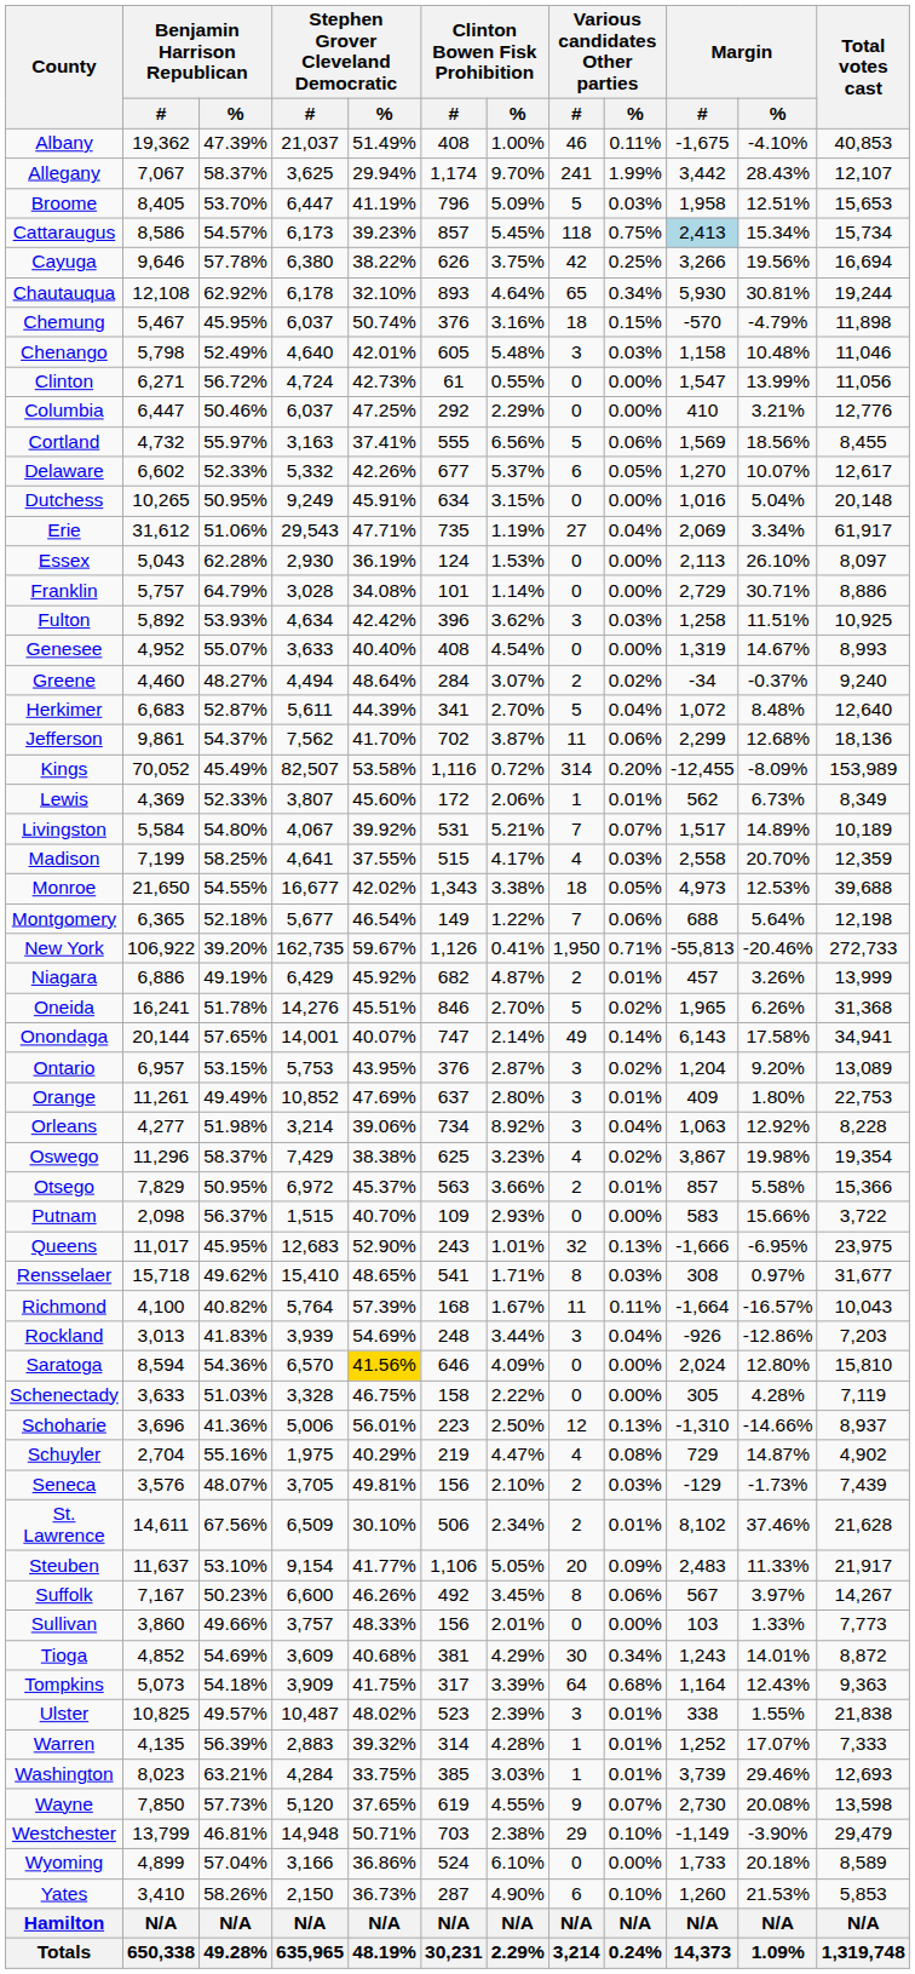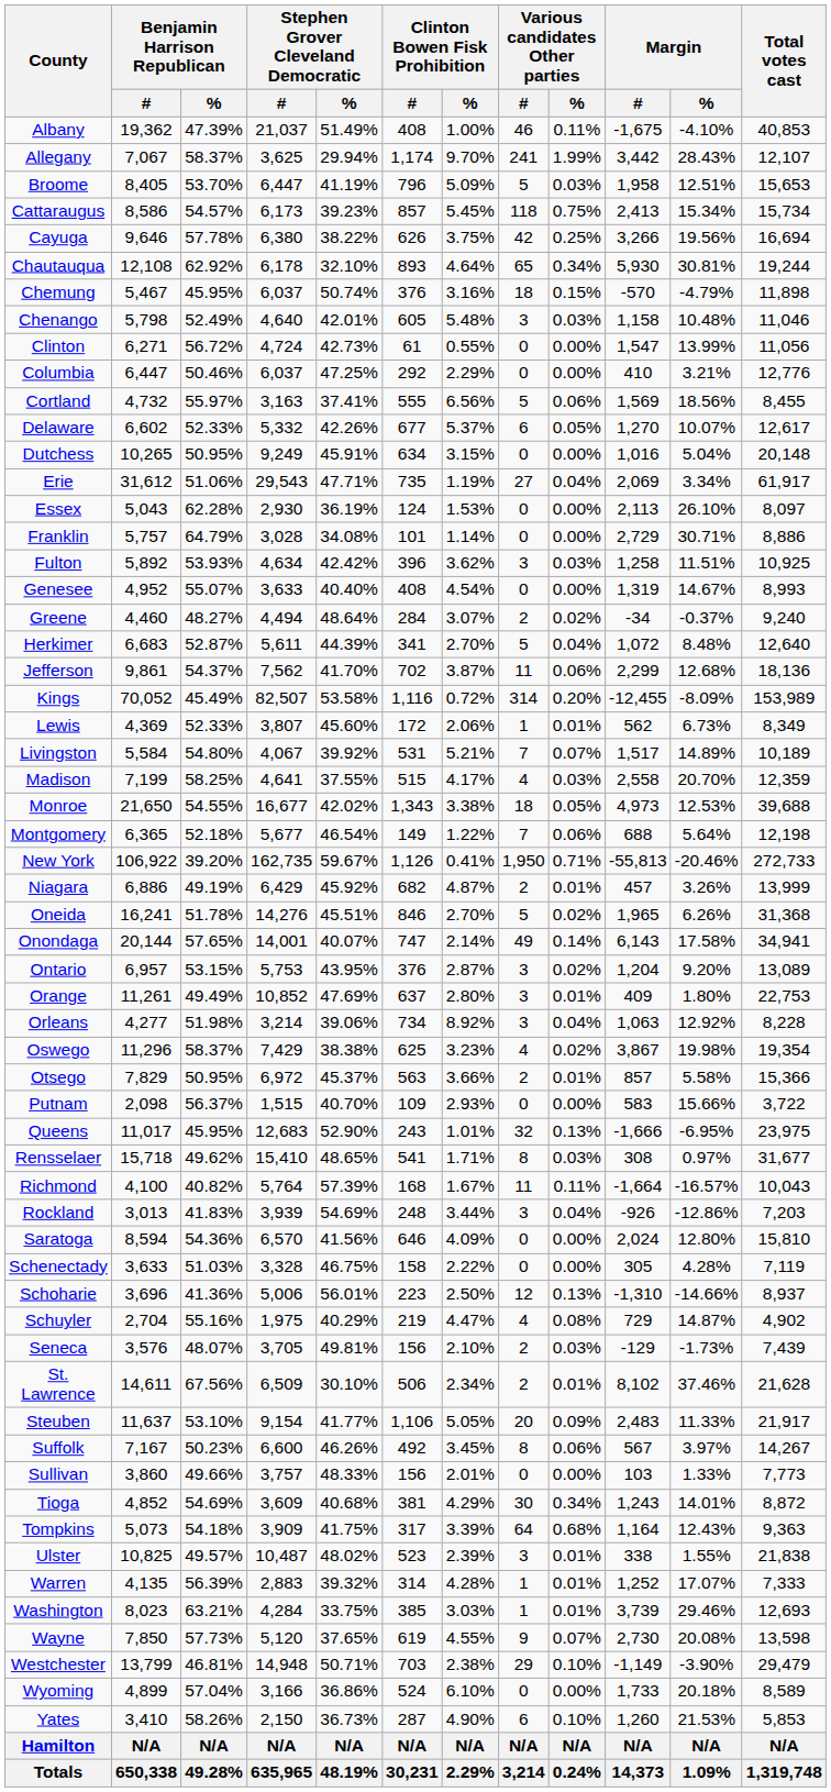 <table class="wikitable sortable">
 <tr>
 <th rowspan="2">County</th>
 <th colspan="2">Benjamin Harrison<br>Republican</th>
 <th colspan="2">Stephen Grover Cleveland<br>Democratic</th>
 <th colspan="2">Clinton Bowen Fisk <br>Prohibition</th>
 <th colspan="2">Various candidates<br>Other parties</th>
 <th colspan="2">Margin</th>
 <th rowspan="2" data-sort-type="number">Total votes cast</th>
 </tr>
 <tr bgcolor="lightgrey">
 <th data-sort-type="number">#</th>
 <th data-sort-type="number">%</th>
 <th data-sort-type="number">#</th>
 <th data-sort-type="number">%</th>
 <th data-sort-type="number">#</th>
 <th data-sort-type="number">%</th>
 <th data-sort-type="number">#</th>
 <th data-sort-type="number">%</th>
 <th data-sort-type="number">#</th>
 <th data-sort-type="number">%</th>
 </tr>
 <tr style="text-align:center;">
 <td><a href='#'>Albany</a></td>
 <td>19,362</td>
 <td>47.39%</td>
 <td>21,037</td>
 <td>51.49%</td>
 <td>408</td>
 <td>1.00%</td>
 <td>46</td>
 <td>0.11%</td>
 <td>-1,675</td>
 <td>-4.10%</td>
 <td>40,853</td>
 </tr>
 <tr style="text-align:center;">
 <td><a href='#'>Allegany</a></td>
 <td>7,067</td>
 <td>58.37%</td>
 <td>3,625</td>
 <td>29.94%</td>
 <td>1,174</td>
 <td>9.70%</td>
 <td>241</td>
 <td>1.99%</td>
 <td>3,442</td>
 <td>28.43%</td>
 <td>12,107</td>
 </tr>
 <tr style="text-align:center;">
 <td><a href='#'>Broome</a></td>
 <td>8,405</td>
 <td>53.70%</td>
 <td>6,447</td>
 <td>41.19%</td>
 <td>796</td>
 <td>5.09%</td>
 <td>5</td>
 <td>0.03%</td>
 <td>1,958</td>
 <td>12.51%</td>
 <td>15,653</td>
 </tr>
 <tr style="text-align:center;">
 <td><a href='#'>Cattaraugus</a></td>
 <td>8,586</td>
 <td>54.57%</td>
 <td>6,173</td>
 <td>39.23%</td>
 <td>857</td>
 <td>5.45%</td>
 <td>118</td>
 <td>0.75%</td>
-<td style="background: lightblue;">2,413</td>
+<td>2,413</td>
 <td>15.34%</td>
 <td>15,734</td>
 </tr>
 <tr style="text-align:center;">
 <td><a href='#'>Cayuga</a></td>
 <td>9,646</td>
 <td>57.78%</td>
 <td>6,380</td>
 <td>38.22%</td>
 <td>626</td>
 <td>3.75%</td>
 <td>42</td>
 <td>0.25%</td>
 <td>3,266</td>
 <td>19.56%</td>
 <td>16,694</td>
 </tr>
 <tr style="text-align:center;">
 <td><a href='#'>Chautauqua</a></td>
 <td>12,108</td>
 <td>62.92%</td>
 <td>6,178</td>
 <td>32.10%</td>
 <td>893</td>
 <td>4.64%</td>
 <td>65</td>
 <td>0.34%</td>
 <td>5,930</td>
 <td>30.81%</td>
 <td>19,244</td>
 </tr>
 <tr style="text-align:center;">
 <td><a href='#'>Chemung</a></td>
 <td>5,467</td>
 <td>45.95%</td>
 <td>6,037</td>
 <td>50.74%</td>
 <td>376</td>
 <td>3.16%</td>
 <td>18</td>
 <td>0.15%</td>
 <td>-570</td>
 <td>-4.79%</td>
 <td>11,898</td>
 </tr>
 <tr style="text-align:center;">
 <td><a href='#'>Chenango</a></td>
 <td>5,798</td>
 <td>52.49%</td>
 <td>4,640</td>
 <td>42.01%</td>
 <td>605</td>
 <td>5.48%</td>
 <td>3</td>
 <td>0.03%</td>
 <td>1,158</td>
 <td>10.48%</td>
 <td>11,046</td>
 </tr>
 <tr style="text-align:center;">
 <td><a href='#'>Clinton</a></td>
 <td>6,271</td>
 <td>56.72%</td>
 <td>4,724</td>
 <td>42.73%</td>
 <td>61</td>
 <td>0.55%</td>
 <td>0</td>
 <td>0.00%</td>
 <td>1,547</td>
 <td>13.99%</td>
 <td>11,056</td>
 </tr>
 <tr style="text-align:center;">
 <td><a href='#'>Columbia</a></td>
 <td>6,447</td>
 <td>50.46%</td>
 <td>6,037</td>
 <td>47.25%</td>
 <td>292</td>
 <td>2.29%</td>
 <td>0</td>
 <td>0.00%</td>
 <td>410</td>
 <td>3.21%</td>
 <td>12,776</td>
 </tr>
 <tr style="text-align:center;">
 <td><a href='#'>Cortland</a></td>
 <td>4,732</td>
 <td>55.97%</td>
 <td>3,163</td>
 <td>37.41%</td>
 <td>555</td>
 <td>6.56%</td>
 <td>5</td>
 <td>0.06%</td>
 <td>1,569</td>
 <td>18.56%</td>
 <td>8,455</td>
 </tr>
 <tr style="text-align:center;">
 <td><a href='#'>Delaware</a></td>
 <td>6,602</td>
 <td>52.33%</td>
 <td>5,332</td>
 <td>42.26%</td>
 <td>677</td>
 <td>5.37%</td>
 <td>6</td>
 <td>0.05%</td>
 <td>1,270</td>
 <td>10.07%</td>
 <td>12,617</td>
 </tr>
 <tr style="text-align:center;">
 <td><a href='#'>Dutchess</a></td>
 <td>10,265</td>
 <td>50.95%</td>
 <td>9,249</td>
 <td>45.91%</td>
 <td>634</td>
 <td>3.15%</td>
 <td>0</td>
 <td>0.00%</td>
 <td>1,016</td>
 <td>5.04%</td>
 <td>20,148</td>
 </tr>
 <tr style="text-align:center;">
 <td><a href='#'>Erie</a></td>
 <td>31,612</td>
 <td>51.06%</td>
 <td>29,543</td>
 <td>47.71%</td>
 <td>735</td>
 <td>1.19%</td>
 <td>27</td>
 <td>0.04%</td>
 <td>2,069</td>
 <td>3.34%</td>
 <td>61,917</td>
 </tr>
 <tr style="text-align:center;">
 <td><a href='#'>Essex</a></td>
 <td>5,043</td>
 <td>62.28%</td>
 <td>2,930</td>
 <td>36.19%</td>
 <td>124</td>
 <td>1.53%</td>
 <td>0</td>
 <td>0.00%</td>
 <td>2,113</td>
 <td>26.10%</td>
 <td>8,097</td>
 </tr>
 <tr style="text-align:center;">
 <td><a href='#'>Franklin</a></td>
 <td>5,757</td>
 <td>64.79%</td>
 <td>3,028</td>
 <td>34.08%</td>
 <td>101</td>
 <td>1.14%</td>
 <td>0</td>
 <td>0.00%</td>
 <td>2,729</td>
 <td>30.71%</td>
 <td>8,886</td>
 </tr>
 <tr style="text-align:center;">
 <td><a href='#'>Fulton</a></td>
 <td>5,892</td>
 <td>53.93%</td>
 <td>4,634</td>
 <td>42.42%</td>
 <td>396</td>
 <td>3.62%</td>
 <td>3</td>
 <td>0.03%</td>
 <td>1,258</td>
 <td>11.51%</td>
 <td>10,925</td>
 </tr>
 <tr style="text-align:center;">
 <td><a href='#'>Genesee</a></td>
 <td>4,952</td>
 <td>55.07%</td>
 <td>3,633</td>
 <td>40.40%</td>
 <td>408</td>
 <td>4.54%</td>
 <td>0</td>
 <td>0.00%</td>
 <td>1,319</td>
 <td>14.67%</td>
 <td>8,993</td>
 </tr>
 <tr style="text-align:center;">
 <td><a href='#'>Greene</a></td>
 <td>4,460</td>
 <td>48.27%</td>
 <td>4,494</td>
 <td>48.64%</td>
 <td>284</td>
 <td>3.07%</td>
 <td>2</td>
 <td>0.02%</td>
 <td>-34</td>
 <td>-0.37%</td>
 <td>9,240</td>
 </tr>
 <tr style="text-align:center;">
 <td><a href='#'>Herkimer</a></td>
 <td>6,683</td>
 <td>52.87%</td>
 <td>5,611</td>
 <td>44.39%</td>
 <td>341</td>
 <td>2.70%</td>
 <td>5</td>
 <td>0.04%</td>
 <td>1,072</td>
 <td>8.48%</td>
 <td>12,640</td>
 </tr>
 <tr style="text-align:center;">
 <td><a href='#'>Jefferson</a></td>
 <td>9,861</td>
 <td>54.37%</td>
 <td>7,562</td>
 <td>41.70%</td>
 <td>702</td>
 <td>3.87%</td>
 <td>11</td>
 <td>0.06%</td>
 <td>2,299</td>
 <td>12.68%</td>
 <td>18,136</td>
 </tr>
 <tr style="text-align:center;">
 <td><a href='#'>Kings</a></td>
 <td>70,052</td>
 <td>45.49%</td>
 <td>82,507</td>
 <td>53.58%</td>
 <td>1,116</td>
 <td>0.72%</td>
 <td>314</td>
 <td>0.20%</td>
 <td>-12,455</td>
 <td>-8.09%</td>
 <td>153,989</td>
 </tr>
 <tr style="text-align:center;">
 <td><a href='#'>Lewis</a></td>
 <td>4,369</td>
 <td>52.33%</td>
 <td>3,807</td>
 <td>45.60%</td>
 <td>172</td>
 <td>2.06%</td>
 <td>1</td>
 <td>0.01%</td>
 <td>562</td>
 <td>6.73%</td>
 <td>8,349</td>
 </tr>
 <tr style="text-align:center;">
 <td><a href='#'>Livingston</a></td>
 <td>5,584</td>
 <td>54.80%</td>
 <td>4,067</td>
 <td>39.92%</td>
 <td>531</td>
 <td>5.21%</td>
 <td>7</td>
 <td>0.07%</td>
 <td>1,517</td>
 <td>14.89%</td>
 <td>10,189</td>
 </tr>
 <tr style="text-align:center;">
 <td><a href='#'>Madison</a></td>
 <td>7,199</td>
 <td>58.25%</td>
 <td>4,641</td>
 <td>37.55%</td>
 <td>515</td>
 <td>4.17%</td>
 <td>4</td>
 <td>0.03%</td>
 <td>2,558</td>
 <td>20.70%</td>
 <td>12,359</td>
 </tr>
 <tr style="text-align:center;">
 <td><a href='#'>Monroe</a></td>
 <td>21,650</td>
 <td>54.55%</td>
 <td>16,677</td>
 <td>42.02%</td>
 <td>1,343</td>
 <td>3.38%</td>
 <td>18</td>
 <td>0.05%</td>
 <td>4,973</td>
 <td>12.53%</td>
 <td>39,688</td>
 </tr>
 <tr style="text-align:center;">
 <td><a href='#'>Montgomery</a></td>
 <td>6,365</td>
 <td>52.18%</td>
 <td>5,677</td>
 <td>46.54%</td>
 <td>149</td>
 <td>1.22%</td>
 <td>7</td>
 <td>0.06%</td>
 <td>688</td>
 <td>5.64%</td>
 <td>12,198</td>
 </tr>
 <tr style="text-align:center;">
 <td><a href='#'>New York</a></td>
 <td>106,922</td>
 <td>39.20%</td>
 <td>162,735</td>
 <td>59.67%</td>
 <td>1,126</td>
 <td>0.41%</td>
 <td>1,950</td>
 <td>0.71%</td>
 <td>-55,813</td>
 <td>-20.46%</td>
 <td>272,733</td>
 </tr>
 <tr style="text-align:center;">
 <td><a href='#'>Niagara</a></td>
 <td>6,886</td>
 <td>49.19%</td>
 <td>6,429</td>
 <td>45.92%</td>
 <td>682</td>
 <td>4.87%</td>
 <td>2</td>
 <td>0.01%</td>
 <td>457</td>
 <td>3.26%</td>
 <td>13,999</td>
 </tr>
 <tr style="text-align:center;">
 <td><a href='#'>Oneida</a></td>
 <td>16,241</td>
 <td>51.78%</td>
 <td>14,276</td>
 <td>45.51%</td>
 <td>846</td>
 <td>2.70%</td>
 <td>5</td>
 <td>0.02%</td>
 <td>1,965</td>
 <td>6.26%</td>
 <td>31,368</td>
 </tr>
 <tr style="text-align:center;">
 <td><a href='#'>Onondaga</a></td>
 <td>20,144</td>
 <td>57.65%</td>
 <td>14,001</td>
 <td>40.07%</td>
 <td>747</td>
 <td>2.14%</td>
 <td>49</td>
 <td>0.14%</td>
 <td>6,143</td>
 <td>17.58%</td>
 <td>34,941</td>
 </tr>
 <tr style="text-align:center;">
 <td><a href='#'>Ontario</a></td>
 <td>6,957</td>
 <td>53.15%</td>
 <td>5,753</td>
 <td>43.95%</td>
 <td>376</td>
 <td>2.87%</td>
 <td>3</td>
 <td>0.02%</td>
 <td>1,204</td>
 <td>9.20%</td>
 <td>13,089</td>
 </tr>
 <tr style="text-align:center;">
 <td><a href='#'>Orange</a></td>
 <td>11,261</td>
 <td>49.49%</td>
 <td>10,852</td>
 <td>47.69%</td>
 <td>637</td>
 <td>2.80%</td>
 <td>3</td>
 <td>0.01%</td>
 <td>409</td>
 <td>1.80%</td>
 <td>22,753</td>
 </tr>
 <tr style="text-align:center;">
 <td><a href='#'>Orleans</a></td>
 <td>4,277</td>
 <td>51.98%</td>
 <td>3,214</td>
 <td>39.06%</td>
 <td>734</td>
 <td>8.92%</td>
 <td>3</td>
 <td>0.04%</td>
 <td>1,063</td>
 <td>12.92%</td>
 <td>8,228</td>
 </tr>
 <tr style="text-align:center;">
 <td><a href='#'>Oswego</a></td>
 <td>11,296</td>
 <td>58.37%</td>
 <td>7,429</td>
 <td>38.38%</td>
 <td>625</td>
 <td>3.23%</td>
 <td>4</td>
 <td>0.02%</td>
 <td>3,867</td>
 <td>19.98%</td>
 <td>19,354</td>
 </tr>
 <tr style="text-align:center;">
 <td><a href='#'>Otsego</a></td>
 <td>7,829</td>
 <td>50.95%</td>
 <td>6,972</td>
 <td>45.37%</td>
 <td>563</td>
 <td>3.66%</td>
 <td>2</td>
 <td>0.01%</td>
 <td>857</td>
 <td>5.58%</td>
 <td>15,366</td>
 </tr>
 <tr style="text-align:center;">
 <td><a href='#'>Putnam</a></td>
 <td>2,098</td>
 <td>56.37%</td>
 <td>1,515</td>
 <td>40.70%</td>
 <td>109</td>
 <td>2.93%</td>
 <td>0</td>
 <td>0.00%</td>
 <td>583</td>
 <td>15.66%</td>
 <td>3,722</td>
 </tr>
 <tr style="text-align:center;">
 <td><a href='#'>Queens</a></td>
 <td>11,017</td>
 <td>45.95%</td>
 <td>12,683</td>
 <td>52.90%</td>
 <td>243</td>
 <td>1.01%</td>
 <td>32</td>
 <td>0.13%</td>
 <td>-1,666</td>
 <td>-6.95%</td>
 <td>23,975</td>
 </tr>
 <tr style="text-align:center;">
 <td><a href='#'>Rensselaer</a></td>
 <td>15,718</td>
 <td>49.62%</td>
 <td>15,410</td>
 <td>48.65%</td>
 <td>541</td>
 <td>1.71%</td>
 <td>8</td>
 <td>0.03%</td>
 <td>308</td>
 <td>0.97%</td>
 <td>31,677</td>
 </tr>
 <tr style="text-align:center;">
 <td><a href='#'>Richmond</a></td>
 <td>4,100</td>
 <td>40.82%</td>
 <td>5,764</td>
 <td>57.39%</td>
 <td>168</td>
 <td>1.67%</td>
 <td>11</td>
 <td>0.11%</td>
 <td>-1,664</td>
 <td>-16.57%</td>
 <td>10,043</td>
 </tr>
 <tr style="text-align:center;">
 <td><a href='#'>Rockland</a></td>
 <td>3,013</td>
 <td>41.83%</td>
 <td>3,939</td>
 <td>54.69%</td>
 <td>248</td>
 <td>3.44%</td>
 <td>3</td>
 <td>0.04%</td>
 <td>-926</td>
 <td>-12.86%</td>
 <td>7,203</td>
 </tr>
 <tr style="text-align:center;">
 <td><a href='#'>Saratoga</a></td>
 <td>8,594</td>
 <td>54.36%</td>
 <td>6,570</td>
-<td style="background: gold;">41.56%</td>
+<td>41.56%</td>
 <td>646</td>
 <td>4.09%</td>
 <td>0</td>
 <td>0.00%</td>
 <td>2,024</td>
 <td>12.80%</td>
 <td>15,810</td>
 </tr>
 <tr style="text-align:center;">
 <td><a href='#'>Schenectady</a></td>
 <td>3,633</td>
 <td>51.03%</td>
 <td>3,328</td>
 <td>46.75%</td>
 <td>158</td>
 <td>2.22%</td>
 <td>0</td>
 <td>0.00%</td>
 <td>305</td>
 <td>4.28%</td>
 <td>7,119</td>
 </tr>
 <tr style="text-align:center;">
 <td><a href='#'>Schoharie</a></td>
 <td>3,696</td>
 <td>41.36%</td>
 <td>5,006</td>
 <td>56.01%</td>
 <td>223</td>
 <td>2.50%</td>
 <td>12</td>
 <td>0.13%</td>
 <td>-1,310</td>
 <td>-14.66%</td>
 <td>8,937</td>
 </tr>
 <tr style="text-align:center;">
 <td><a href='#'>Schuyler</a></td>
 <td>2,704</td>
 <td>55.16%</td>
 <td>1,975</td>
 <td>40.29%</td>
 <td>219</td>
 <td>4.47%</td>
 <td>4</td>
 <td>0.08%</td>
 <td>729</td>
 <td>14.87%</td>
 <td>4,902</td>
 </tr>
 <tr style="text-align:center;">
 <td><a href='#'>Seneca</a></td>
 <td>3,576</td>
 <td>48.07%</td>
 <td>3,705</td>
 <td>49.81%</td>
 <td>156</td>
 <td>2.10%</td>
 <td>2</td>
 <td>0.03%</td>
 <td>-129</td>
 <td>-1.73%</td>
 <td>7,439</td>
 </tr>
 <tr style="text-align:center;">
 <td><a href='#'>St. Lawrence</a></td>
 <td>14,611</td>
 <td>67.56%</td>
 <td>6,509</td>
 <td>30.10%</td>
 <td>506</td>
 <td>2.34%</td>
 <td>2</td>
 <td>0.01%</td>
 <td>8,102</td>
 <td>37.46%</td>
 <td>21,628</td>
 </tr>
 <tr style="text-align:center;">
 <td><a href='#'>Steuben</a></td>
 <td>11,637</td>
 <td>53.10%</td>
 <td>9,154</td>
 <td>41.77%</td>
 <td>1,106</td>
 <td>5.05%</td>
 <td>20</td>
 <td>0.09%</td>
 <td>2,483</td>
 <td>11.33%</td>
 <td>21,917</td>
 </tr>
 <tr style="text-align:center;">
 <td><a href='#'>Suffolk</a></td>
 <td>7,167</td>
 <td>50.23%</td>
 <td>6,600</td>
 <td>46.26%</td>
 <td>492</td>
 <td>3.45%</td>
 <td>8</td>
 <td>0.06%</td>
 <td>567</td>
 <td>3.97%</td>
 <td>14,267</td>
 </tr>
 <tr style="text-align:center;">
 <td><a href='#'>Sullivan</a></td>
 <td>3,860</td>
 <td>49.66%</td>
 <td>3,757</td>
 <td>48.33%</td>
 <td>156</td>
 <td>2.01%</td>
 <td>0</td>
 <td>0.00%</td>
 <td>103</td>
 <td>1.33%</td>
 <td>7,773</td>
 </tr>
 <tr style="text-align:center;">
 <td><a href='#'>Tioga</a></td>
 <td>4,852</td>
 <td>54.69%</td>
 <td>3,609</td>
 <td>40.68%</td>
 <td>381</td>
 <td>4.29%</td>
 <td>30</td>
 <td>0.34%</td>
 <td>1,243</td>
 <td>14.01%</td>
 <td>8,872</td>
 </tr>
 <tr style="text-align:center;">
 <td><a href='#'>Tompkins</a></td>
 <td>5,073</td>
 <td>54.18%</td>
 <td>3,909</td>
 <td>41.75%</td>
 <td>317</td>
 <td>3.39%</td>
 <td>64</td>
 <td>0.68%</td>
 <td>1,164</td>
 <td>12.43%</td>
 <td>9,363</td>
 </tr>
 <tr style="text-align:center;">
 <td><a href='#'>Ulster</a></td>
 <td>10,825</td>
 <td>49.57%</td>
 <td>10,487</td>
 <td>48.02%</td>
 <td>523</td>
 <td>2.39%</td>
 <td>3</td>
 <td>0.01%</td>
 <td>338</td>
 <td>1.55%</td>
 <td>21,838</td>
 </tr>
 <tr style="text-align:center;">
 <td><a href='#'>Warren</a></td>
 <td>4,135</td>
 <td>56.39%</td>
 <td>2,883</td>
 <td>39.32%</td>
 <td>314</td>
 <td>4.28%</td>
 <td>1</td>
 <td>0.01%</td>
 <td>1,252</td>
 <td>17.07%</td>
 <td>7,333</td>
 </tr>
 <tr style="text-align:center;">
 <td><a href='#'>Washington</a></td>
 <td>8,023</td>
 <td>63.21%</td>
 <td>4,284</td>
 <td>33.75%</td>
 <td>385</td>
 <td>3.03%</td>
 <td>1</td>
 <td>0.01%</td>
 <td>3,739</td>
 <td>29.46%</td>
 <td>12,693</td>
 </tr>
 <tr style="text-align:center;">
 <td><a href='#'>Wayne</a></td>
 <td>7,850</td>
 <td>57.73%</td>
 <td>5,120</td>
 <td>37.65%</td>
 <td>619</td>
 <td>4.55%</td>
 <td>9</td>
 <td>0.07%</td>
 <td>2,730</td>
 <td>20.08%</td>
 <td>13,598</td>
 </tr>
 <tr style="text-align:center;">
 <td><a href='#'>Westchester</a></td>
 <td>13,799</td>
 <td>46.81%</td>
 <td>14,948</td>
 <td>50.71%</td>
 <td>703</td>
 <td>2.38%</td>
 <td>29</td>
 <td>0.10%</td>
 <td>-1,149</td>
 <td>-3.90%</td>
 <td>29,479</td>
 </tr>
 <tr style="text-align:center;">
 <td><a href='#'>Wyoming</a></td>
 <td>4,899</td>
 <td>57.04%</td>
 <td>3,166</td>
 <td>36.86%</td>
 <td>524</td>
 <td>6.10%</td>
 <td>0</td>
 <td>0.00%</td>
 <td>1,733</td>
 <td>20.18%</td>
 <td>8,589</td>
 </tr>
 <tr style="text-align:center;">
 <td><a href='#'>Yates</a></td>
 <td>3,410</td>
 <td>58.26%</td>
 <td>2,150</td>
 <td>36.73%</td>
 <td>287</td>
 <td>4.90%</td>
 <td>6</td>
 <td>0.10%</td>
 <td>1,260</td>
 <td>21.53%</td>
 <td>5,853</td>
 </tr>
 <tr>
 <th><a href='#'>Hamilton</a></th>
 <th>N/A</th>
 <th>N/A</th>
 <th>N/A</th>
 <th>N/A</th>
 <th>N/A</th>
 <th>N/A</th>
 <th>N/A</th>
 <th>N/A</th>
 <th>N/A</th>
 <th>N/A</th>
 <th>N/A</th>
 </tr>
 <tr>
 <th>Totals</th>
 <th>650,338</th>
 <th>49.28%</th>
 <th>635,965</th>
 <th>48.19%</th>
 <th>30,231</th>
 <th>2.29%</th>
 <th>3,214</th>
 <th>0.24%</th>
 <th>14,373</th>
 <th>1.09%</th>
 <th>1,319,748</th>
 </tr>
 </table>
